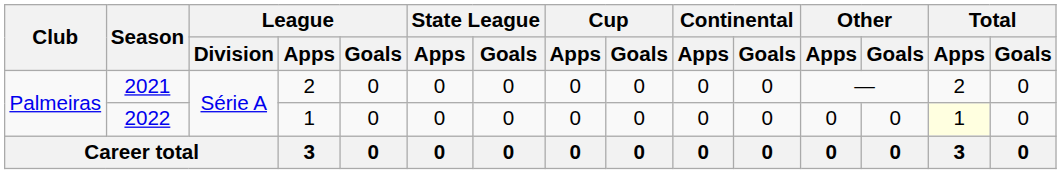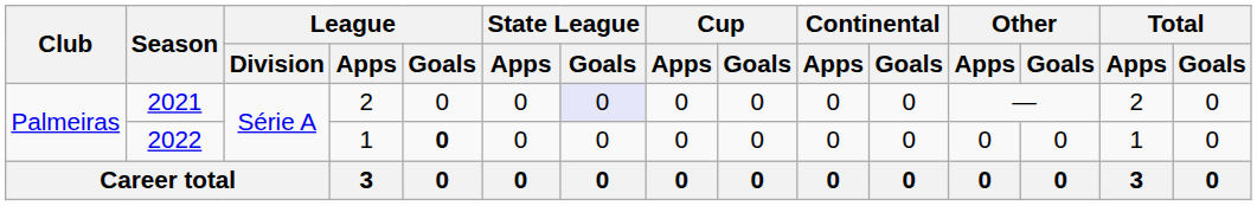 <table class="wikitable" style="text-align: center">
 <tr>
 <th rowspan="2">Club</th>
 <th rowspan="2">Season</th>
 <th colspan="3">League</th>
 <th colspan="2">State League</th>
 <th colspan="2">Cup</th>
 <th colspan="2">Continental</th>
 <th colspan="2">Other</th>
 <th colspan="2">Total</th>
 </tr>
 <tr>
 <th>Division</th>
 <th>Apps</th>
 <th>Goals</th>
 <th>Apps</th>
 <th>Goals</th>
 <th>Apps</th>
 <th>Goals</th>
 <th>Apps</th>
 <th>Goals</th>
 <th>Apps</th>
 <th>Goals</th>
 <th>Apps</th>
 <th>Goals</th>
 </tr>
 <tr>
 <td rowspan="2"><a href='#'>Palmeiras</a></td>
 <td><a href='#'>2021</a></td>
 <td rowspan="2"><a href='#'>Série A</a></td>
 <td>2</td>
 <td>0</td>
 <td>0</td>
-<td>0</td>
+<td style="background: lavender;">0</td>
 <td>0</td>
 <td>0</td>
 <td>0</td>
 <td>0</td>
 <td colspan="2">—</td>
 <td>2</td>
 <td>0</td>
 </tr>
 <tr>
 <td><a href='#'>2022</a></td>
 <td>1</td>
+<td><strong>0</strong></td>
 <td>0</td>
 <td>0</td>
 <td>0</td>
 <td>0</td>
 <td>0</td>
 <td>0</td>
 <td>0</td>
 <td>0</td>
-<td>0</td>
-<td style="background: lightyellow;">1</td>
+<td>1</td>
 <td>0</td>
 </tr>
 <tr>
 <th colspan="3"><strong>Career total</strong></th>
 <th>3</th>
 <th>0</th>
 <th>0</th>
 <th>0</th>
 <th>0</th>
 <th>0</th>
 <th>0</th>
 <th>0</th>
 <th>0</th>
 <th>0</th>
 <th>3</th>
 <th>0</th>
 </tr>
 </table>
